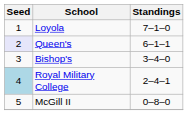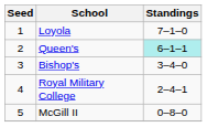 <table class="wikitable">
 <tr>
 <th>Seed</th>
 <th style="width:150px">School</th>
 <th>Standings</th>
 </tr>
 <tr>
 <td align=center>1</td>
 <td><a href='#'>Loyola</a></td>
 <td align=center>7–1–0</td>
 </tr>
 <tr>
-<td align=center style="background: lavender;">2</td>
+<td align=center>2</td>
 <td><a href='#'>Queen's</a></td>
-<td align=center>6–1–1</td>
+<td align=center style="background: paleturquoise;">6–1–1</td>
 </tr>
 <tr>
 <td align=center>3</td>
 <td><a href='#'>Bishop's</a></td>
 <td align=center>3–4–0</td>
 </tr>
 <tr>
-<td align=center style="background: lightblue;">4</td>
+<td align=center>4</td>
 <td><a href='#'>Royal Military College</a></td>
 <td align=center>2–4–1</td>
 </tr>
 <tr>
 <td align=center>5</td>
 <td>McGill II</td>
 <td align=center>0–8–0</td>
 </tr>
 <tr>
 </tr>
 </table>
